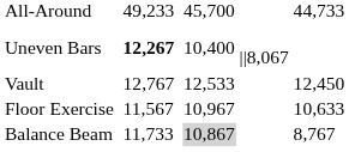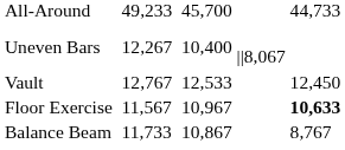 <table>
 <tr>
 <td>All-Around</td>
 <td></td>
 <td>49,233</td>
 <td></td>
 <td>45,700</td>
 <td></td>
 <td>44,733</td>
 </tr>
 <tr>
 <td>Uneven Bars</td>
 <td></td>
-<td><strong>12,267</strong></td>
+<td>12,267</td>
 <td></td>
 <td>10,400</td>
 <td><br>||8,067</td>
 </tr>
 <tr>
 <td>Vault</td>
 <td></td>
 <td>12,767</td>
 <td></td>
 <td>12,533</td>
 <td></td>
 <td>12,450</td>
 </tr>
 <tr>
 <td>Floor Exercise</td>
 <td></td>
 <td>11,567</td>
 <td></td>
 <td>10,967</td>
 <td></td>
-<td>10,633</td>
+<td><strong>10,633</strong></td>
 </tr>
 <tr>
 <td>Balance Beam</td>
 <td></td>
 <td>11,733</td>
 <td></td>
-<td style="background: lightgrey;">10,867</td>
+<td>10,867</td>
 <td></td>
 <td>8,767</td>
 </tr>
 </table>
